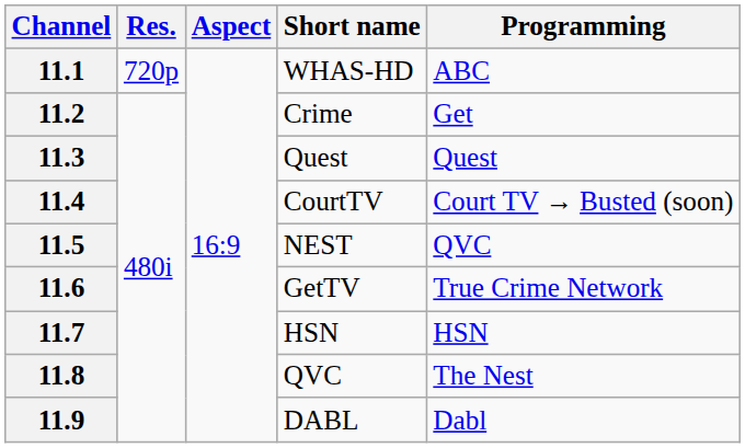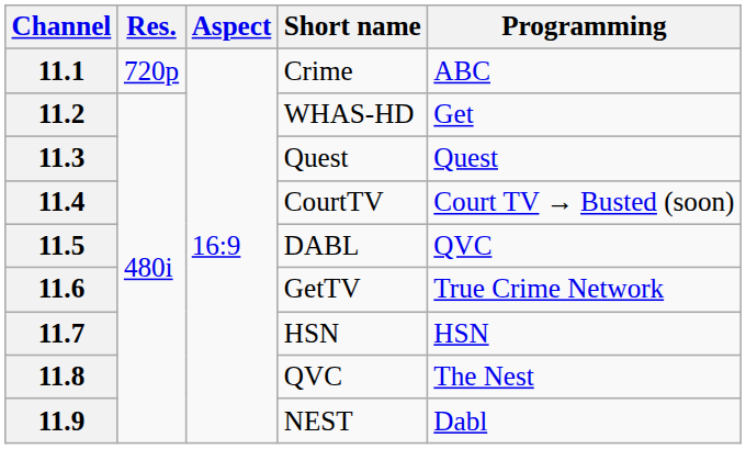 <table class="wikitable">
 <tr>
 <th><a href='#'>Channel</a></th>
 <th><a href='#'>Res.</a></th>
 <th><a href='#'>Aspect</a></th>
 <th>Short name</th>
 <th>Programming</th>
 </tr>
 <tr>
 <th scope = "row">11.1</th>
 <td><a href='#'>720p</a></td>
 <td rowspan="9"><a href='#'>16:9</a></td>
-<td>WHAS-HD</td>
+<td>Crime</td>
 <td><a href='#'>ABC</a></td>
 </tr>
 <tr>
 <th scope = "row">11.2</th>
 <td rowspan="8"><a href='#'>480i</a></td>
-<td>Crime</td>
+<td>WHAS-HD</td>
 <td><a href='#'>Get</a></td>
 </tr>
 <tr>
 <th scope = "row">11.3</th>
 <td>Quest</td>
 <td><a href='#'>Quest</a></td>
 </tr>
 <tr>
 <th scope = "row">11.4</th>
 <td>CourtTV</td>
 <td><a href='#'>Court TV</a> → <a href='#'>Busted</a> (soon)</td>
 </tr>
 <tr>
 <th scope = "row">11.5</th>
-<td>NEST</td>
+<td>DABL</td>
 <td><a href='#'>QVC</a></td>
 </tr>
 <tr>
 <th scope = "row">11.6</th>
 <td>GetTV</td>
 <td><a href='#'>True Crime Network</a></td>
 </tr>
 <tr>
 <th scope = "row">11.7</th>
 <td>HSN</td>
 <td><a href='#'>HSN</a></td>
 </tr>
 <tr>
 <th scope = "row">11.8</th>
 <td>QVC</td>
 <td><a href='#'>The Nest</a></td>
 </tr>
 <tr>
 <th scope = "row">11.9</th>
-<td>DABL</td>
+<td>NEST</td>
 <td><a href='#'>Dabl</a></td>
 </tr>
 </table>
